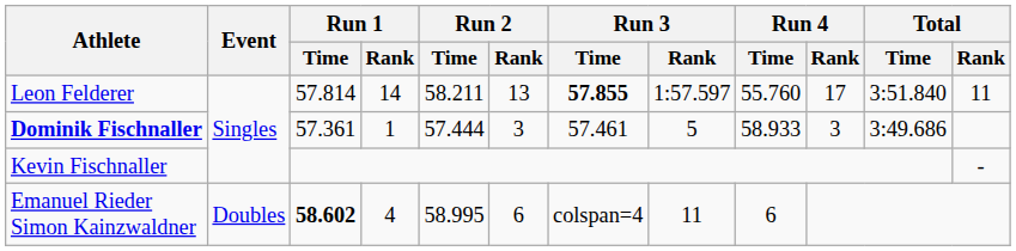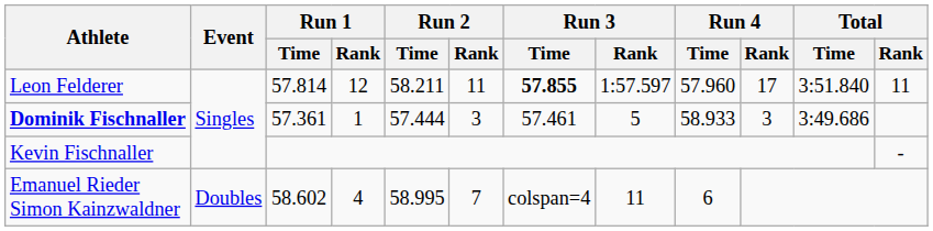 <table class=wikitable style=text-align:center;font-size:90%>
 <tr>
 <th rowspan="2">Athlete</th>
 <th rowspan="2">Event</th>
 <th colspan=2>Run 1</th>
 <th colspan=2>Run 2</th>
 <th colspan=2>Run 3</th>
 <th colspan=2>Run 4</th>
 <th colspan=2>Total</th>
 </tr>
 <tr style="font-size:95%">
 <th>Time</th>
 <th>Rank</th>
 <th>Time</th>
 <th>Rank</th>
 <th>Time</th>
 <th>Rank</th>
 <th>Time</th>
 <th>Rank</th>
 <th>Time</th>
 <th>Rank</th>
 </tr>
 <tr>
 <td align=left><a href='#'>Leon Felderer</a></td>
 <td align=left rowspan=3><a href='#'>Singles</a></td>
 <td>57.814</td>
-<td>14</td>
+<td>12</td>
 <td>58.211</td>
-<td>13</td>
+<td>11</td>
 <td><strong>57.855</strong></td>
 <td>1:57.597</td>
-<td>55.760</td>
+<td>57.960</td>
 <td>17</td>
 <td>3:51.840</td>
 <td>11</td>
 </tr>
 <tr>
 <td align=left><strong><a href='#'>Dominik Fischnaller</a></strong></td>
 <td>57.361</td>
 <td>1</td>
 <td>57.444</td>
 <td>3</td>
 <td>57.461</td>
 <td>5</td>
 <td>58.933</td>
 <td>3</td>
 <td>3:49.686</td>
 <td></td>
 </tr>
 <tr>
 <td align=left><a href='#'>Kevin Fischnaller</a></td>
 <td colspan=9></td>
 <td>-</td>
 </tr>
 <tr>
 <td align=left><a href='#'>Emanuel Rieder</a> <br> <a href='#'>Simon Kainzwaldner</a></td>
 <td align=left><a href='#'>Doubles</a></td>
-<td><strong>58.602</strong></td>
+<td>58.602</td>
 <td>4</td>
 <td>58.995</td>
-<td>6</td>
+<td>7</td>
 <td>colspan=4 </td>
 <td>11</td>
 <td>6</td>
 </tr>
 </table>
